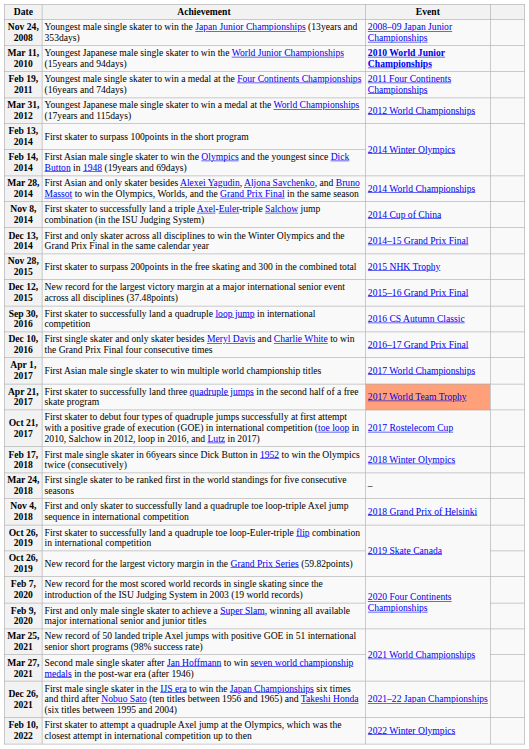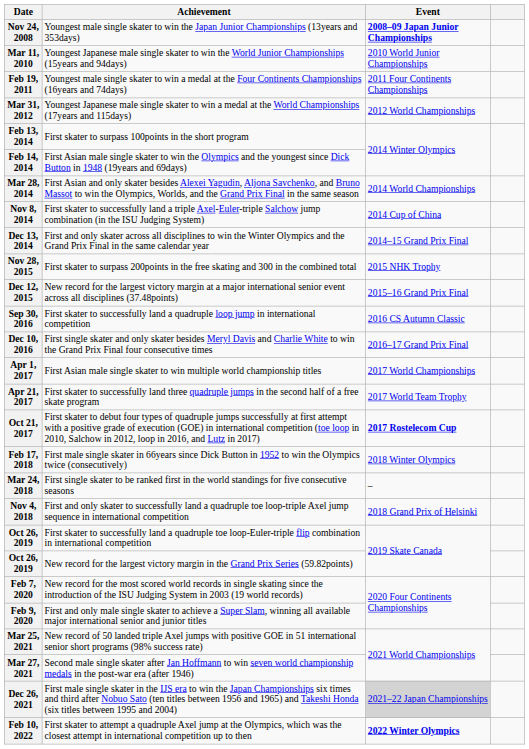 <table class="wikitable plainrowheaders">
 <tr>
 <th scope=col width=56px>Date</th>
 <th scope=col>Achievement</th>
 <th scope=col width=200px>Event</th>
 <th scope=col width=50px></th>
 </tr>
 <tr>
 <th scope=row>Nov 24, 2008</th>
 <td>Youngest male single skater to win the <a href='#'>Japan Junior Championships</a> (13years and 353days)</td>
-<td><a href='#'>2008–09 Japan Junior Championships</a></td>
+<td><strong><a href='#'>2008–09 Japan Junior Championships</a></strong></td>
 <td></td>
 </tr>
 <tr>
 <th scope=row>Mar 11, 2010</th>
 <td>Youngest Japanese male single skater to win the <a href='#'>World Junior Championships</a> (15years and 94days)</td>
-<td><strong><a href='#'>2010 World Junior Championships</a></strong></td>
+<td><a href='#'>2010 World Junior Championships</a></td>
 <td></td>
 </tr>
 <tr>
 <th scope=row>Feb 19, 2011</th>
 <td>Youngest male single skater to win a medal at the <a href='#'>Four Continents Championships</a> (16years and 74days)</td>
 <td><a href='#'>2011 Four Continents Championships</a></td>
 <td></td>
 </tr>
 <tr>
 <th scope=row>Mar 31, 2012</th>
 <td>Youngest Japanese male single skater to win a medal at the <a href='#'>World Championships</a> (17years and 115days)</td>
 <td><a href='#'>2012 World Championships</a></td>
 <td></td>
 </tr>
 <tr>
 <th scope=row>Feb 13, 2014</th>
 <td>First skater to surpass 100points in the short program</td>
 <td rowspan=2><a href='#'>2014 Winter Olympics</a></td>
 <td rowspan=2></td>
 </tr>
 <tr>
 <th scope=row>Feb 14, 2014</th>
 <td>First Asian male single skater to win the <a href='#'>Olympics</a> and the youngest since <a href='#'>Dick Button</a> in <a href='#'>1948</a> (19years and 69days)</td>
 </tr>
 <tr>
 <th scope=row>Mar 28, 2014</th>
 <td>First Asian and only skater besides <a href='#'>Alexei Yagudin</a>, <a href='#'>Aljona Savchenko</a>, and <a href='#'>Bruno Massot</a> to win the Olympics, Worlds, and the <a href='#'>Grand Prix Final</a> in the same season</td>
 <td><a href='#'>2014 World Championships</a></td>
 <td></td>
 </tr>
 <tr>
 <th scope=row>Nov 8, 2014</th>
 <td>First skater to successfully land a triple <a href='#'>Axel</a>-<a href='#'>Euler</a>-triple <a href='#'>Salchow</a> jump combination (in the ISU Judging System)</td>
 <td><a href='#'>2014 Cup of China</a></td>
 <td></td>
 </tr>
 <tr>
 <th scope=row>Dec 13, 2014</th>
 <td>First and only skater across all disciplines to win the Winter Olympics and the Grand Prix Final in the same calendar year</td>
 <td><a href='#'>2014–15 Grand Prix Final</a></td>
 <td></td>
 </tr>
 <tr>
 <th scope=row>Nov 28, 2015</th>
 <td>First skater to surpass 200points in the free skating and 300 in the combined total</td>
 <td><a href='#'>2015 NHK Trophy</a></td>
 <td></td>
 </tr>
 <tr>
 <th scope=row>Dec 12, 2015</th>
 <td>New record for the largest victory margin at a major international senior event across all disciplines (37.48points)</td>
 <td><a href='#'>2015–16 Grand Prix Final</a></td>
 <td></td>
 </tr>
 <tr>
 <th scope=row>Sep 30, 2016</th>
 <td>First skater to successfully land a quadruple <a href='#'>loop jump</a> in international competition</td>
 <td><a href='#'>2016 CS Autumn Classic</a></td>
 <td></td>
 </tr>
 <tr>
 <th scope=row>Dec 10, 2016</th>
 <td>First single skater and only skater besides <a href='#'>Meryl Davis</a> and <a href='#'>Charlie White</a> to win the Grand Prix Final four consecutive times</td>
 <td><a href='#'>2016–17 Grand Prix Final</a></td>
 <td></td>
 </tr>
 <tr>
 <th scope=row>Apr 1, 2017</th>
 <td>First Asian male single skater to win multiple world championship titles</td>
 <td><a href='#'>2017 World Championships</a></td>
 <td></td>
 </tr>
 <tr>
 <th scope=row>Apr 21, 2017</th>
 <td>First skater to successfully land three <a href='#'>quadruple jumps</a> in the second half of a free skate program</td>
-<td style="background: lightsalmon;"><a href='#'>2017 World Team Trophy</a></td>
+<td><a href='#'>2017 World Team Trophy</a></td>
 <td></td>
 </tr>
 <tr>
 <th scope=row>Oct 21, 2017</th>
 <td>First skater to debut four types of quadruple jumps successfully at first attempt with a positive grade of execution (GOE) in international competition (<a href='#'>toe loop</a> in 2010, Salchow in 2012, loop in 2016, and <a href='#'>Lutz</a> in 2017)</td>
-<td><a href='#'>2017 Rostelecom Cup</a></td>
+<td><strong><a href='#'>2017 Rostelecom Cup</a></strong></td>
 <td></td>
 </tr>
 <tr>
 <th scope=row>Feb 17, 2018</th>
 <td>First male single skater in 66years since Dick Button in <a href='#'>1952</a> to win the Olympics twice (consecutively)</td>
 <td><a href='#'>2018 Winter Olympics</a></td>
 <td></td>
 </tr>
 <tr>
 <th scope=row>Mar 24, 2018</th>
 <td>First single skater to be ranked first in the world standings for five consecutive seasons</td>
 <td>–</td>
 <td></td>
 </tr>
 <tr>
 <th scope=row>Nov 4, 2018</th>
 <td>First and only skater to successfully land a quadruple toe loop-triple Axel jump sequence in international competition</td>
 <td><a href='#'>2018 Grand Prix of Helsinki</a></td>
 <td></td>
 </tr>
 <tr>
 <th scope=row>Oct 26, 2019</th>
 <td>First skater to successfully land a quadruple toe loop-Euler-triple <a href='#'>flip</a> combination in international competition</td>
 <td rowspan=2><a href='#'>2019 Skate Canada</a></td>
 <td></td>
 </tr>
 <tr>
 <th scope=row>Oct 26, 2019</th>
 <td>New record for the largest victory margin in the <a href='#'>Grand Prix Series</a> (59.82points)</td>
 <td></td>
 </tr>
 <tr>
 <th scope=row>Feb 7, 2020</th>
 <td>New record for the most scored world records in single skating since the introduction of the ISU Judging System in 2003 (19 world records)</td>
 <td rowspan=2><a href='#'>2020 Four Continents Championships</a></td>
 <td></td>
 </tr>
 <tr>
 <th scope=row>Feb 9, 2020</th>
 <td>First and only male single skater to achieve a <a href='#'>Super Slam</a>, winning all available major international senior and junior titles</td>
 <td></td>
 </tr>
 <tr>
 <th scope=row>Mar 25, 2021</th>
 <td>New record of 50 landed triple Axel jumps with positive GOE in 51 international senior short programs (98% success rate)</td>
 <td rowspan=2><a href='#'>2021 World Championships</a></td>
 <td></td>
 </tr>
 <tr>
 <th scope=row>Mar 27, 2021</th>
 <td>Second male single skater after <a href='#'>Jan Hoffmann</a> to win <a href='#'>seven world championship medals</a> in the post-war era (after 1946)</td>
 <td></td>
 </tr>
 <tr>
 <th scope=row>Dec 26, 2021</th>
 <td>First male single skater in the <a href='#'>IJS era</a> to win the <a href='#'>Japan Championships</a> six times and third after <a href='#'>Nobuo Sato</a> (ten titles between 1956 and 1965) and <a href='#'>Takeshi Honda</a> (six titles between 1995 and 2004)</td>
-<td><a href='#'>2021–22 Japan Championships</a></td>
+<td style="background: lightgrey;"><a href='#'>2021–22 Japan Championships</a></td>
 <td></td>
 </tr>
 <tr>
 <th scope=row>Feb 10, 2022</th>
 <td>First skater to attempt a quadruple Axel jump at the Olympics, which was the closest attempt in international competition up to then</td>
-<td><a href='#'>2022 Winter Olympics</a></td>
+<td><strong><a href='#'>2022 Winter Olympics</a></strong></td>
 <td></td>
 </tr>
 </table>
